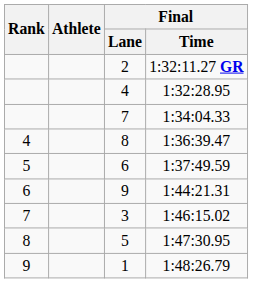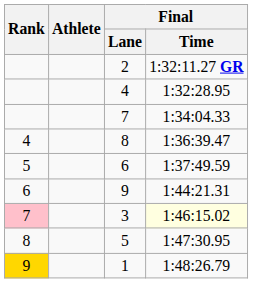 <table class="wikitable sortable"  style="text-align:center">
 <tr>
 <th rowspan="2" data-sort-type=number>Rank</th>
 <th rowspan="2">Athlete</th>
 <th colspan="2">Final</th>
 </tr>
 <tr>
 <th>Lane</th>
 <th>Time</th>
 </tr>
 <tr>
 <td></td>
 <td align="left"></td>
 <td>2</td>
 <td>1:32:11.27 <strong><a href='#'>GR</a></strong></td>
 </tr>
 <tr>
 <td></td>
 <td align="left"></td>
 <td>4</td>
 <td>1:32:28.95</td>
 </tr>
 <tr>
 <td></td>
 <td align="left"></td>
 <td>7</td>
 <td>1:34:04.33</td>
 </tr>
 <tr>
 <td>4</td>
 <td align="left"></td>
 <td>8</td>
 <td>1:36:39.47</td>
 </tr>
 <tr>
 <td>5</td>
 <td align="left"></td>
 <td>6</td>
 <td>1:37:49.59</td>
 </tr>
 <tr>
 <td>6</td>
 <td align="left"></td>
 <td>9</td>
 <td>1:44:21.31</td>
 </tr>
 <tr>
-<td>7</td>
+<td style="background: pink;">7</td>
 <td align="left"></td>
 <td>3</td>
-<td>1:46:15.02</td>
+<td style="background: lightyellow;">1:46:15.02</td>
 </tr>
 <tr>
 <td>8</td>
 <td align="left"></td>
 <td>5</td>
 <td>1:47:30.95</td>
 </tr>
 <tr>
-<td>9</td>
+<td style="background: gold;">9</td>
 <td align="left"></td>
 <td>1</td>
 <td>1:48:26.79</td>
 </tr>
 </table>
